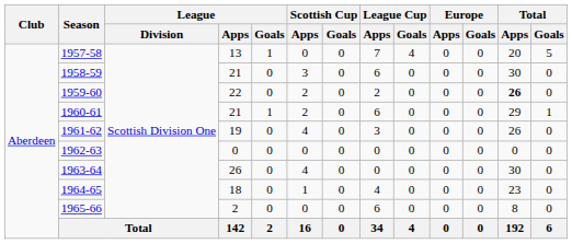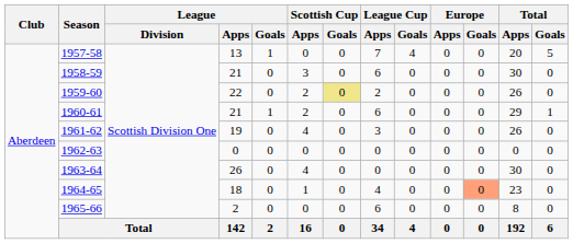 <table class="wikitable" style="text-align:center">
 <tr>
 <th rowspan="2">Club</th>
 <th rowspan="2">Season</th>
 <th colspan="3">League</th>
 <th colspan="2">Scottish Cup</th>
 <th colspan="2">League Cup</th>
 <th colspan="2">Europe</th>
 <th colspan="2">Total</th>
 </tr>
 <tr>
 <th>Division</th>
 <th>Apps</th>
 <th>Goals</th>
 <th>Apps</th>
 <th>Goals</th>
 <th>Apps</th>
 <th>Goals</th>
 <th>Apps</th>
 <th>Goals</th>
 <th>Apps</th>
 <th>Goals</th>
 </tr>
 <tr>
 <td rowspan="10"><a href='#'>Aberdeen</a></td>
 <td><a href='#'>1957-58</a></td>
 <td rowspan="9"><a href='#'>Scottish Division One</a></td>
 <td>13</td>
 <td>1</td>
 <td>0</td>
 <td>0</td>
 <td>7</td>
 <td>4</td>
 <td>0</td>
 <td>0</td>
 <td>20</td>
 <td>5</td>
 </tr>
 <tr>
 <td><a href='#'>1958-59</a></td>
 <td>21</td>
 <td>0</td>
 <td>3</td>
 <td>0</td>
 <td>6</td>
 <td>0</td>
 <td>0</td>
 <td>0</td>
 <td>30</td>
 <td>0</td>
 </tr>
 <tr>
 <td><a href='#'>1959-60</a></td>
 <td>22</td>
 <td>0</td>
 <td>2</td>
-<td>0</td>
+<td style="background: khaki;">0</td>
 <td>2</td>
 <td>0</td>
 <td>0</td>
 <td>0</td>
-<td><strong>26</strong></td>
+<td>26</td>
 <td>0</td>
 </tr>
 <tr>
 <td><a href='#'>1960-61</a></td>
 <td>21</td>
 <td>1</td>
 <td>2</td>
 <td>0</td>
 <td>6</td>
 <td>0</td>
 <td>0</td>
 <td>0</td>
 <td>29</td>
 <td>1</td>
 </tr>
 <tr>
 <td><a href='#'>1961-62</a></td>
 <td>19</td>
 <td>0</td>
 <td>4</td>
 <td>0</td>
 <td>3</td>
 <td>0</td>
 <td>0</td>
 <td>0</td>
 <td>26</td>
 <td>0</td>
 </tr>
 <tr>
 <td><a href='#'>1962-63</a></td>
 <td>0</td>
 <td>0</td>
 <td>0</td>
 <td>0</td>
 <td>0</td>
 <td>0</td>
 <td>0</td>
 <td>0</td>
 <td>0</td>
 <td>0</td>
 </tr>
 <tr>
 <td><a href='#'>1963-64</a></td>
 <td>26</td>
 <td>0</td>
 <td>4</td>
 <td>0</td>
 <td>0</td>
 <td>0</td>
 <td>0</td>
 <td>0</td>
 <td>30</td>
 <td>0</td>
 </tr>
 <tr>
 <td><a href='#'>1964-65</a></td>
 <td>18</td>
 <td>0</td>
 <td>1</td>
 <td>0</td>
 <td>4</td>
 <td>0</td>
 <td>0</td>
-<td>0</td>
+<td style="background: lightsalmon;">0</td>
 <td>23</td>
 <td>0</td>
 </tr>
 <tr>
 <td><a href='#'>1965-66</a></td>
 <td>2</td>
 <td>0</td>
 <td>0</td>
 <td>0</td>
 <td>6</td>
 <td>0</td>
 <td>0</td>
 <td>0</td>
 <td>8</td>
 <td>0</td>
 </tr>
 <tr>
 <th colspan="2">Total</th>
 <th>142</th>
 <th>2</th>
 <th>16</th>
 <th>0</th>
 <th>34</th>
 <th>4</th>
 <th>0</th>
 <th>0</th>
 <th>192</th>
 <th>6</th>
 </tr>
 </table>
